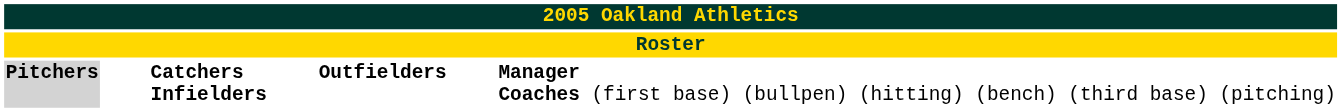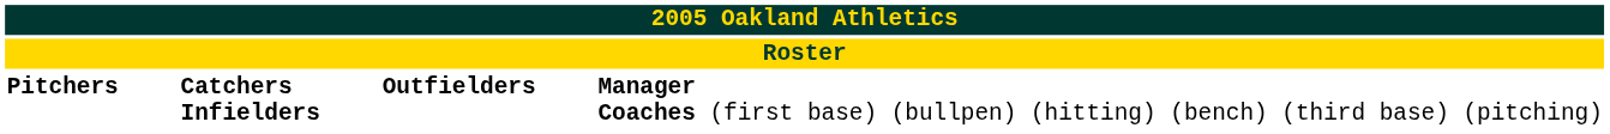 <table class="toccolours" style="font-size: 95%;">
 <tr>
 <th colspan="10" style="background-color: #003831; color: #FFD800; text-align: center;">2005 Oakland Athletics</th>
 </tr>
 <tr>
 <td colspan="10" style="background-color: #FFD800; color: #003831; text-align: center;"><strong>Roster</strong></td>
 </tr>
 <tr>
-<td valign="top" style="background: lightgrey;"><strong>Pitchers</strong><br>                   </td>
+<td valign="top"><strong>Pitchers</strong><br>                   </td>
 <td width="25px"></td>
 <td valign="top"><strong>Catchers</strong><br>   <strong>Infielders</strong>          </td>
 <td width="25px"></td>
 <td valign="top"><strong>Outfielders</strong><br>       </td>
 <td width="25px"></td>
 <td valign="top"><strong>Manager</strong><br> <strong>Coaches</strong>  (first base)  (bullpen)  (hitting)  (bench)  (third base)  (pitching)</td>
 </tr>
 </table>
